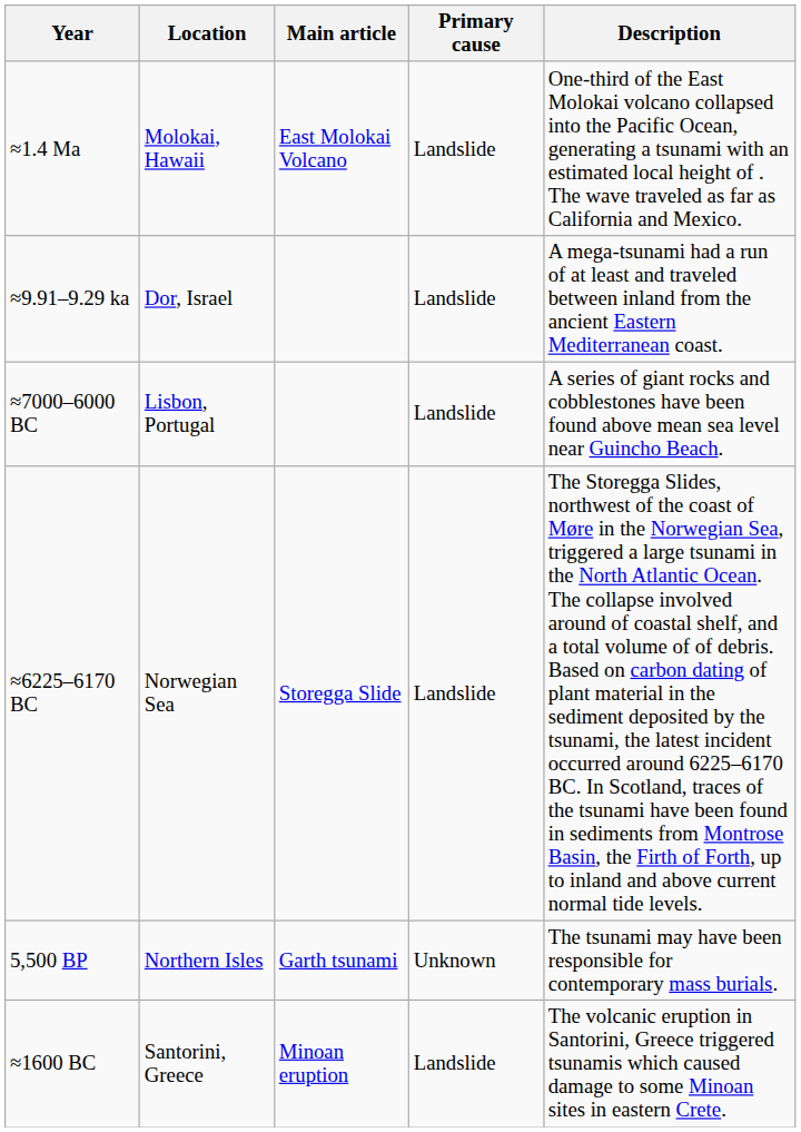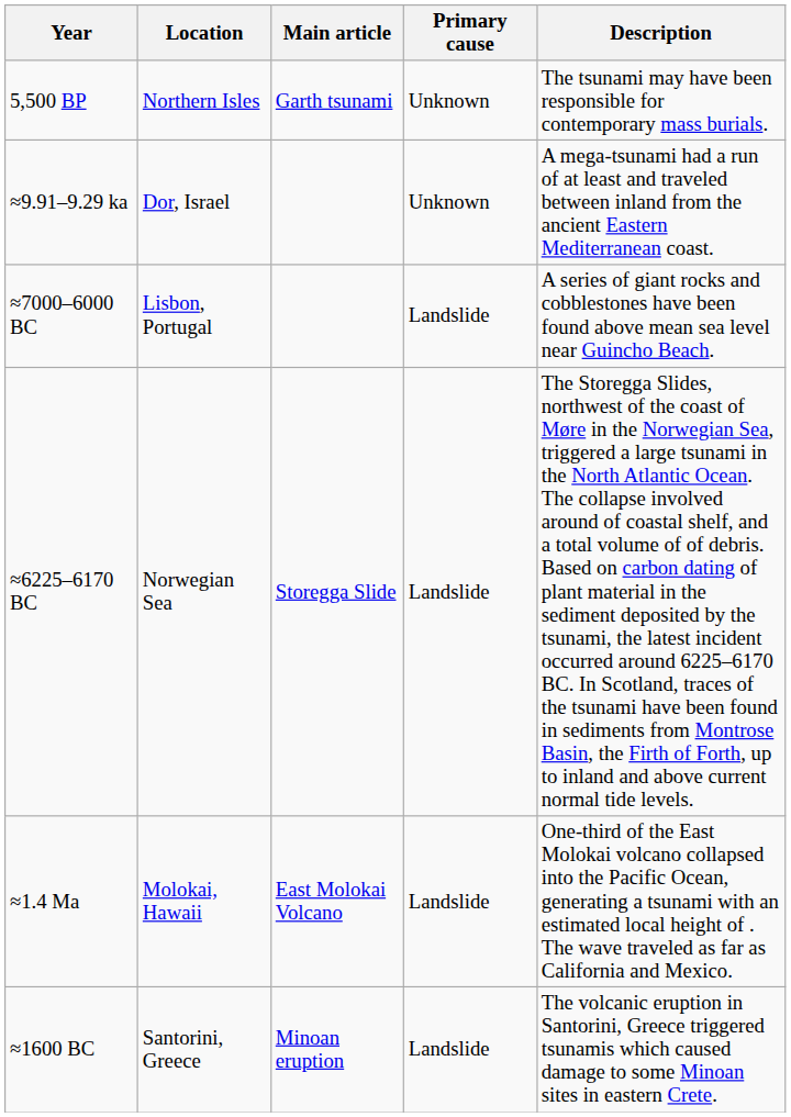 <table class="wikitable sortable">
 <tr>
 <th style="width:6em;">Year</th>
 <th style="width:6em;">Location</th>
 <th style="width:6em;">Main article</th>
 <th style="width:6em;">Primary cause</th>
 <th>Description</th>
 </tr>
 <tr>
-<td data-sort-value="-1400000">≈1.4 Ma</td>
-<td><a href='#'>Molokai, Hawaii</a></td>
-<td><a href='#'>East Molokai Volcano</a></td>
-<td>Landslide</td>
-<td>One-third of the East Molokai volcano collapsed into the Pacific Ocean, generating a tsunami with an estimated local height of . The wave traveled as far as California and Mexico.</td>
+<td data-sort-value="-3500">5,500 <a href='#'>BP</a></td>
+<td><a href='#'>Northern Isles</a></td>
+<td><a href='#'>Garth tsunami</a></td>
+<td>Unknown</td>
+<td>The tsunami may have been responsible for contemporary <a href='#'>mass burials</a>.</td>
 </tr>
 <tr>
 <td data-sort-value="-10000">≈9.91–9.29 ka</td>
 <td><a href='#'>Dor</a>, Israel</td>
 <td></td>
-<td>Landslide</td>
+<td>Unknown</td>
 <td>A mega-tsunami had a run of at least  and traveled between  inland from the ancient <a href='#'>Eastern Mediterranean</a> coast.</td>
 </tr>
 <tr>
 <td data-sort-value="-7000">≈7000–6000 BC</td>
 <td><a href='#'>Lisbon</a>, Portugal</td>
 <td></td>
 <td>Landslide</td>
 <td>A series of giant rocks and cobblestones have been found  above mean sea level near <a href='#'>Guincho Beach</a>.</td>
 </tr>
 <tr>
 <td data-sort-value="-6225">≈6225–6170 BC</td>
 <td>Norwegian Sea</td>
 <td><a href='#'>Storegga Slide</a></td>
 <td>Landslide</td>
 <td>The Storegga Slides,  northwest of the coast of <a href='#'>Møre</a> in the <a href='#'>Norwegian Sea</a>, triggered a large tsunami in the <a href='#'>North Atlantic Ocean</a>. The collapse involved around  of coastal shelf, and a total volume of  of debris. Based on <a href='#'>carbon dating</a> of plant material in the sediment deposited by the tsunami, the latest incident occurred around 6225–6170 BC. In Scotland, traces of the tsunami have been found in sediments from <a href='#'>Montrose Basin</a>, the <a href='#'>Firth of Forth</a>, up to  inland and  above current normal tide levels.</td>
 </tr>
 <tr>
-<td data-sort-value="-3500">5,500 <a href='#'>BP</a></td>
-<td><a href='#'>Northern Isles</a></td>
-<td><a href='#'>Garth tsunami</a></td>
-<td>Unknown</td>
-<td>The tsunami may have been responsible for contemporary <a href='#'>mass burials</a>.</td>
+<td data-sort-value="-1400000">≈1.4 Ma</td>
+<td><a href='#'>Molokai, Hawaii</a></td>
+<td><a href='#'>East Molokai Volcano</a></td>
+<td>Landslide</td>
+<td>One-third of the East Molokai volcano collapsed into the Pacific Ocean, generating a tsunami with an estimated local height of . The wave traveled as far as California and Mexico.</td>
 </tr>
 <tr>
 <td data-sort-value="-1700">≈1600 BC</td>
 <td>Santorini, Greece</td>
 <td><a href='#'>Minoan eruption</a></td>
 <td>Landslide</td>
 <td>The volcanic eruption in Santorini, Greece triggered tsunamis which caused damage to some <a href='#'>Minoan</a> sites in eastern <a href='#'>Crete</a>.</td>
 </tr>
 </table>
